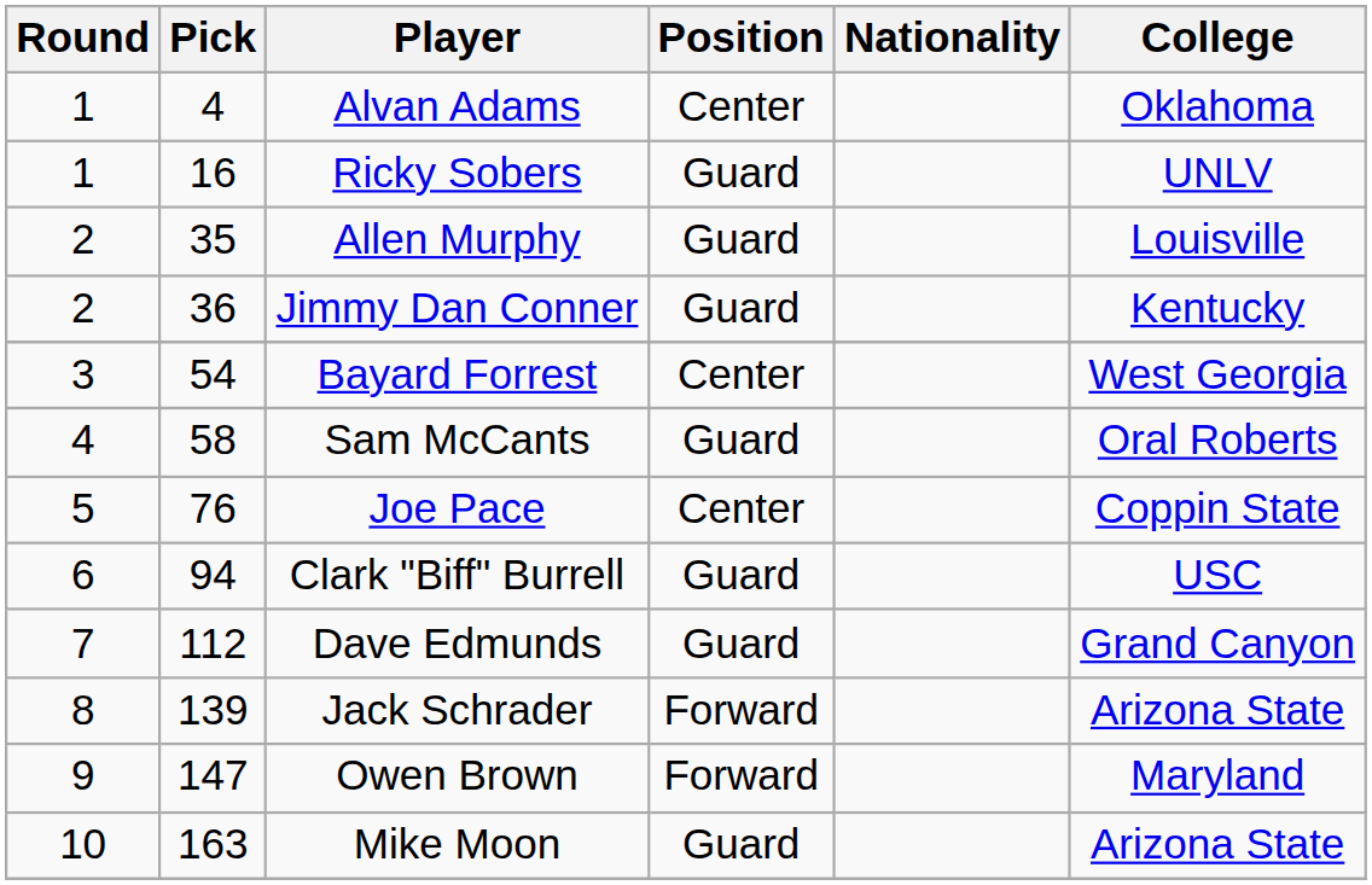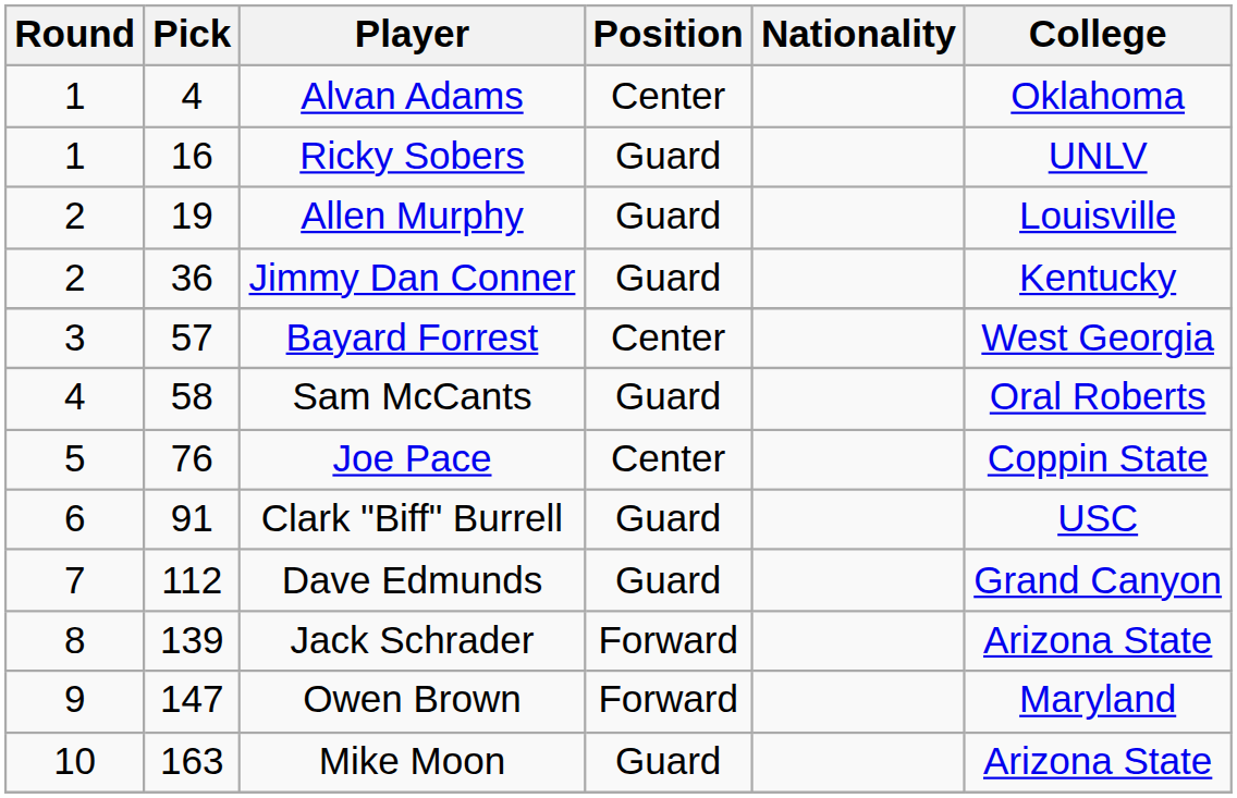 <table class="wikitable sortable sortable">
 <tr>
 <th>Round</th>
 <th>Pick</th>
 <th>Player</th>
 <th>Position</th>
 <th>Nationality</th>
 <th>College</th>
 </tr>
 <tr style="text-align: center">
 <td>1</td>
 <td>4</td>
 <td><a href='#'>Alvan Adams</a></td>
 <td>Center</td>
 <td></td>
 <td><a href='#'>Oklahoma</a></td>
 </tr>
 <tr style="text-align: center">
 <td>1</td>
 <td>16</td>
 <td><a href='#'>Ricky Sobers</a></td>
 <td>Guard</td>
 <td></td>
 <td><a href='#'>UNLV</a></td>
 </tr>
 <tr style="text-align: center">
 <td>2</td>
-<td>35</td>
+<td>19</td>
 <td><a href='#'>Allen Murphy</a></td>
 <td>Guard</td>
 <td></td>
 <td><a href='#'>Louisville</a></td>
 </tr>
 <tr style="text-align: center">
 <td>2</td>
 <td>36</td>
 <td><a href='#'>Jimmy Dan Conner</a></td>
 <td>Guard</td>
 <td></td>
 <td><a href='#'>Kentucky</a></td>
 </tr>
 <tr style="text-align: center">
 </tr>
 <tr style="text-align: center">
 <td>3</td>
-<td>54</td>
+<td>57</td>
 <td><a href='#'>Bayard Forrest</a></td>
 <td>Center</td>
 <td></td>
 <td><a href='#'>West Georgia</a></td>
 </tr>
 <tr style="text-align: center">
 </tr>
 <tr style="text-align: center">
 <td>4</td>
 <td>58</td>
 <td>Sam McCants</td>
 <td>Guard</td>
 <td></td>
 <td><a href='#'>Oral Roberts</a></td>
 </tr>
 <tr style="text-align: center">
 <td>5</td>
 <td>76</td>
 <td><a href='#'>Joe Pace</a></td>
 <td>Center</td>
 <td></td>
 <td><a href='#'>Coppin State</a></td>
 </tr>
 <tr style="text-align: center">
 <td>6</td>
-<td>94</td>
+<td>91</td>
 <td>Clark "Biff" Burrell</td>
 <td>Guard</td>
 <td></td>
 <td><a href='#'>USC</a></td>
 </tr>
 <tr style="text-align: center">
 <td>7</td>
 <td>112</td>
 <td>Dave Edmunds</td>
 <td>Guard</td>
 <td></td>
 <td><a href='#'>Grand Canyon</a></td>
 </tr>
 <tr style="text-align: center">
 <td>8</td>
 <td>139</td>
 <td>Jack Schrader</td>
 <td>Forward</td>
 <td></td>
 <td><a href='#'>Arizona State</a></td>
 </tr>
 <tr style="text-align: center">
 <td>9</td>
 <td>147</td>
 <td>Owen Brown</td>
 <td>Forward</td>
 <td></td>
 <td><a href='#'>Maryland</a></td>
 </tr>
 <tr style="text-align: center">
 <td>10</td>
 <td>163</td>
 <td>Mike Moon</td>
 <td>Guard</td>
 <td></td>
 <td><a href='#'>Arizona State</a></td>
 </tr>
 <tr style="text-align: center">
 </tr>
 </table>
